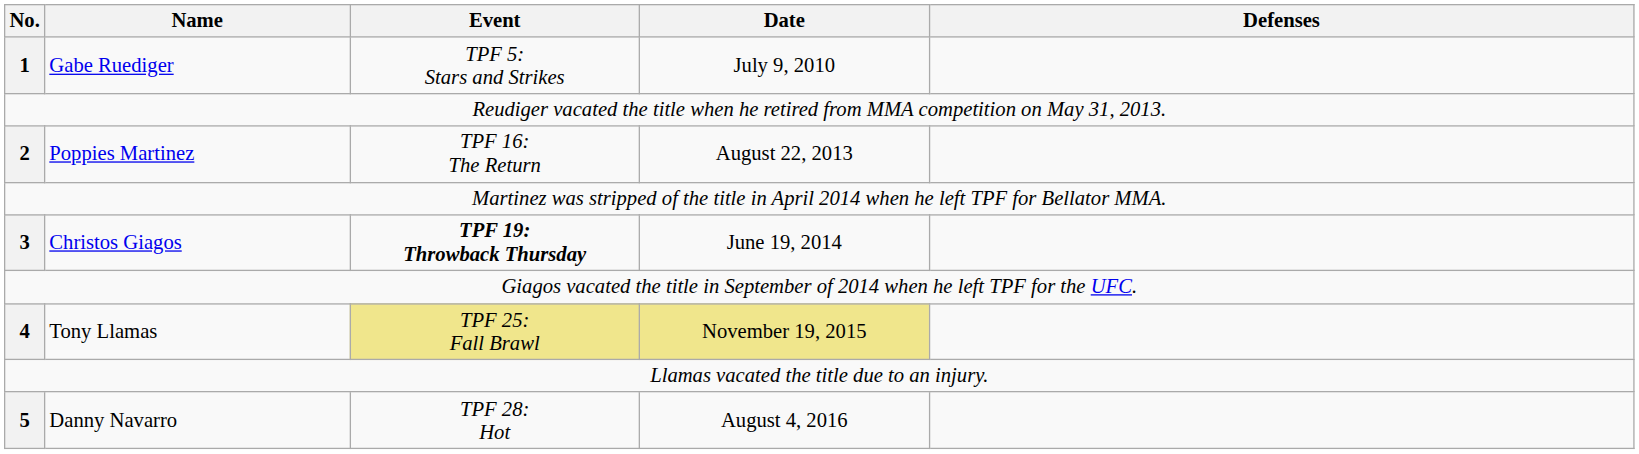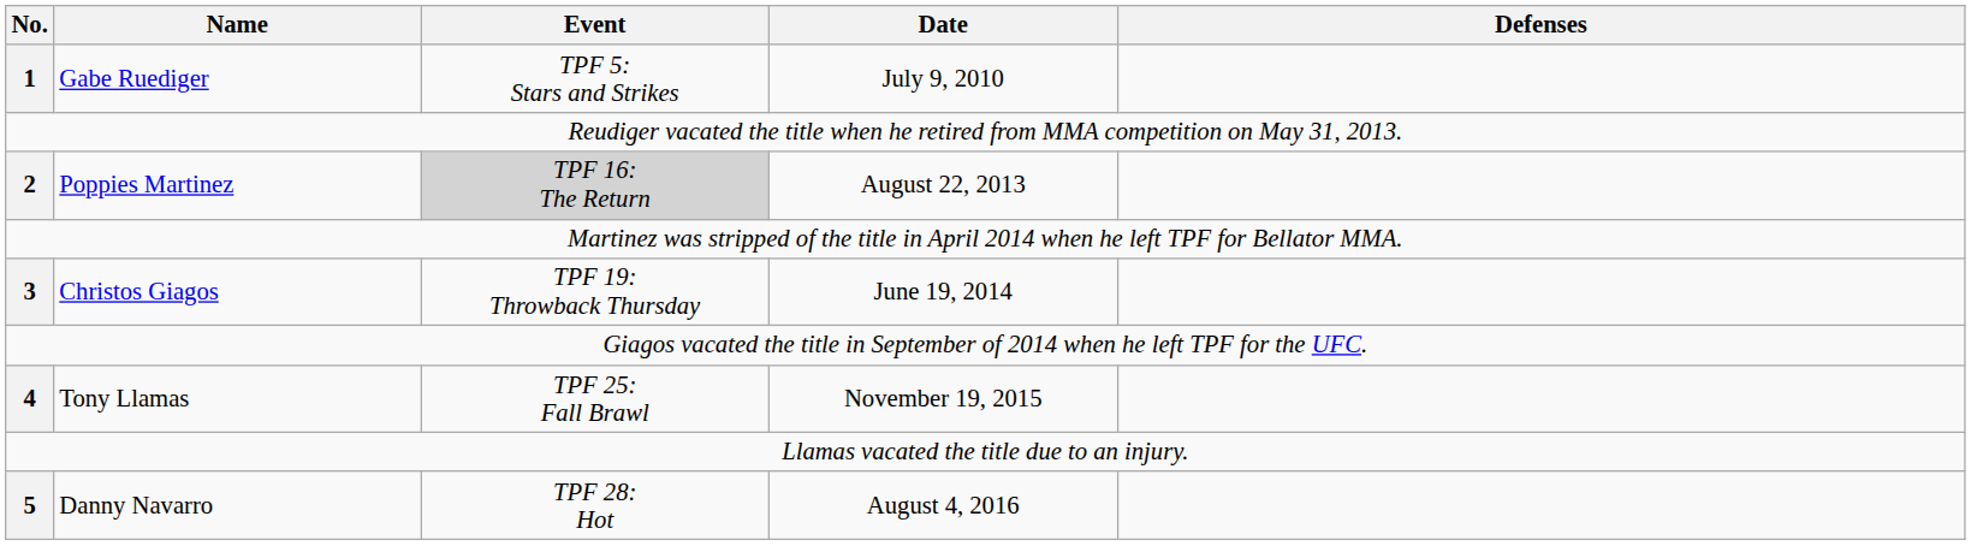 <table class="wikitable" width=100%>
 <tr>
 <th width=1%>No.</th>
 <th width=19%>Name</th>
 <th width=18%>Event</th>
 <th width=18%>Date</th>
 <th width=44%>Defenses</th>
 </tr>
 <tr>
 <th>1</th>
 <td align=left> <a href='#'>Gabe Ruediger</a><br></td>
 <td align=center><em>TPF 5:</em><br><em>Stars and Strikes</em><br></td>
 <td align=center>July 9, 2010</td>
 <td></td>
 </tr>
 <tr>
 <td align="center" colspan="5"><em>Reudiger vacated the title when he retired from MMA competition on May 31, 2013.</em></td>
 </tr>
 <tr>
 <th>2</th>
 <td align=left> <a href='#'>Poppies Martinez</a><br></td>
-<td align=center><em>TPF 16:</em><br><em>The Return</em><br></td>
+<td align=center style="background: lightgrey;"><em>TPF 16:</em><br><em>The Return</em><br></td>
 <td align=center>August 22, 2013</td>
 <td></td>
 </tr>
 <tr>
 <td align="center" colspan="5"><em>Martinez was stripped of the title in April 2014 when he left TPF for Bellator MMA.</em></td>
 </tr>
 <tr>
 <th>3</th>
 <td align=left> <a href='#'>Christos Giagos</a><br></td>
-<td align=center><strong><em>TPF 19:</em><br><em>Throwback Thursday</em><br></strong></td>
+<td align=center><em>TPF 19:</em><br><em>Throwback Thursday</em><br></td>
 <td align=center>June 19, 2014</td>
 <td></td>
 </tr>
 <tr>
 <td align="center" colspan="5"><em>Giagos vacated the title in September of 2014 when he left TPF for the <a href='#'>UFC</a>.</em></td>
 </tr>
 <tr>
 <th>4</th>
 <td align=left> Tony Llamas<br></td>
-<td align=center style="background: khaki;"><em>TPF 25:</em><br><em>Fall Brawl</em><br></td>
-<td align=center style="background: khaki;">November 19, 2015</td>
+<td align=center><em>TPF 25:</em><br><em>Fall Brawl</em><br></td>
+<td align=center>November 19, 2015</td>
 </tr>
 <tr>
 <td align="center" colspan="5"><em>Llamas vacated the title due to an injury.</em></td>
 </tr>
 <tr>
 <th>5</th>
 <td align=left> Danny Navarro<br></td>
 <td align=center><em>TPF 28:</em><br><em>Hot</em><br></td>
 <td align=center>August 4, 2016</td>
 <td></td>
 </tr>
 </table>
